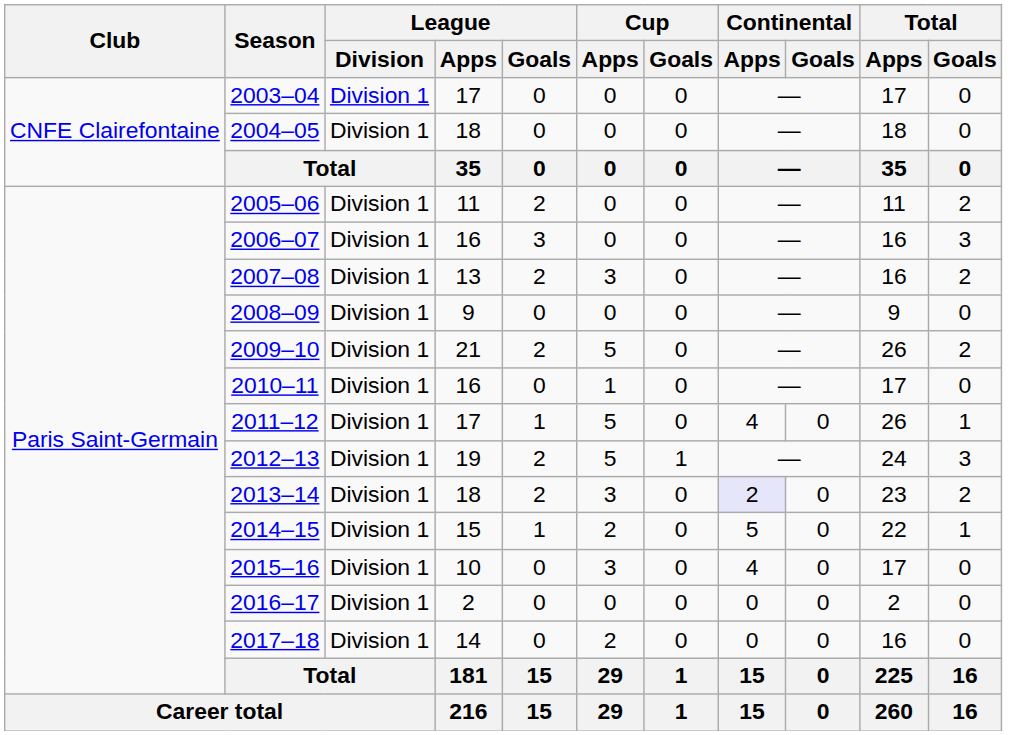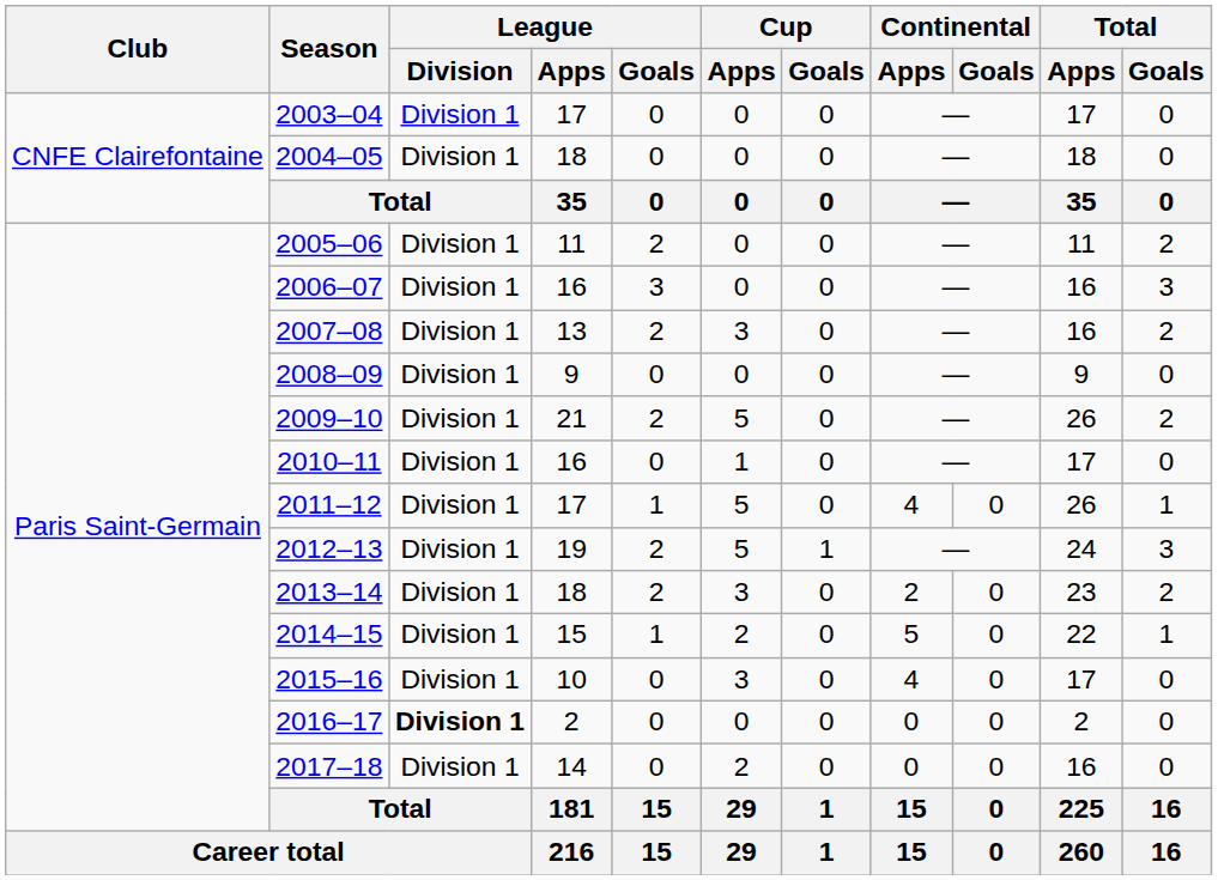 <table class="wikitable" style="text-align: center;">
 <tr>
 <th rowspan="2">Club</th>
 <th rowspan="2">Season</th>
 <th colspan="3">League</th>
 <th colspan="2">Cup</th>
 <th colspan="2">Continental</th>
 <th colspan="2">Total</th>
 </tr>
 <tr>
 <th>Division</th>
 <th>Apps</th>
 <th>Goals</th>
 <th>Apps</th>
 <th>Goals</th>
 <th>Apps</th>
 <th>Goals</th>
 <th>Apps</th>
 <th>Goals</th>
 </tr>
 <tr>
 <td rowspan="3"><a href='#'>CNFE Clairefontaine</a></td>
 <td><a href='#'>2003–04</a></td>
 <td><a href='#'>Division 1</a></td>
 <td>17</td>
 <td>0</td>
 <td>0</td>
 <td>0</td>
 <td colspan="2">—</td>
 <td>17</td>
 <td>0</td>
 </tr>
 <tr>
 <td><a href='#'>2004–05</a></td>
 <td>Division 1</td>
 <td>18</td>
 <td>0</td>
 <td>0</td>
 <td>0</td>
 <td colspan="2">—</td>
 <td>18</td>
 <td>0</td>
 </tr>
 <tr>
 <th colspan="2">Total</th>
 <th>35</th>
 <th>0</th>
 <th>0</th>
 <th>0</th>
 <th colspan="2">—</th>
 <th>35</th>
 <th>0</th>
 </tr>
 <tr>
 <td rowspan="14"><a href='#'>Paris Saint-Germain</a></td>
 <td><a href='#'>2005–06</a></td>
 <td>Division 1</td>
 <td>11</td>
 <td>2</td>
 <td>0</td>
 <td>0</td>
 <td colspan="2">—</td>
 <td>11</td>
 <td>2</td>
 </tr>
 <tr>
 <td><a href='#'>2006–07</a></td>
 <td>Division 1</td>
 <td>16</td>
 <td>3</td>
 <td>0</td>
 <td>0</td>
 <td colspan="2">—</td>
 <td>16</td>
 <td>3</td>
 </tr>
 <tr>
 <td><a href='#'>2007–08</a></td>
 <td>Division 1</td>
 <td>13</td>
 <td>2</td>
 <td>3</td>
 <td>0</td>
 <td colspan="2">—</td>
 <td>16</td>
 <td>2</td>
 </tr>
 <tr>
 <td><a href='#'>2008–09</a></td>
 <td>Division 1</td>
 <td>9</td>
 <td>0</td>
 <td>0</td>
 <td>0</td>
 <td colspan="2">—</td>
 <td>9</td>
 <td>0</td>
 </tr>
 <tr>
 <td><a href='#'>2009–10</a></td>
 <td>Division 1</td>
 <td>21</td>
 <td>2</td>
 <td>5</td>
 <td>0</td>
 <td colspan="2">—</td>
 <td>26</td>
 <td>2</td>
 </tr>
 <tr>
 <td><a href='#'>2010–11</a></td>
 <td>Division 1</td>
 <td>16</td>
 <td>0</td>
 <td>1</td>
 <td>0</td>
 <td colspan="2">—</td>
 <td>17</td>
 <td>0</td>
 </tr>
 <tr>
 <td><a href='#'>2011–12</a></td>
 <td>Division 1</td>
 <td>17</td>
 <td>1</td>
 <td>5</td>
 <td>0</td>
 <td>4</td>
 <td>0</td>
 <td>26</td>
 <td>1</td>
 </tr>
 <tr>
 <td><a href='#'>2012–13</a></td>
 <td>Division 1</td>
 <td>19</td>
 <td>2</td>
 <td>5</td>
 <td>1</td>
 <td colspan="2">—</td>
 <td>24</td>
 <td>3</td>
 </tr>
 <tr>
 <td><a href='#'>2013–14</a></td>
 <td>Division 1</td>
 <td>18</td>
 <td>2</td>
 <td>3</td>
 <td>0</td>
-<td style="background: lavender;">2</td>
+<td>2</td>
 <td>0</td>
 <td>23</td>
 <td>2</td>
 </tr>
 <tr>
 <td><a href='#'>2014–15</a></td>
 <td>Division 1</td>
 <td>15</td>
 <td>1</td>
 <td>2</td>
 <td>0</td>
 <td>5</td>
 <td>0</td>
 <td>22</td>
 <td>1</td>
 </tr>
 <tr>
 <td><a href='#'>2015–16</a></td>
 <td>Division 1</td>
 <td>10</td>
 <td>0</td>
 <td>3</td>
 <td>0</td>
 <td>4</td>
 <td>0</td>
 <td>17</td>
 <td>0</td>
 </tr>
 <tr>
 <td><a href='#'>2016–17</a></td>
-<td>Division 1</td>
+<td><strong>Division 1</strong></td>
 <td>2</td>
 <td>0</td>
 <td>0</td>
 <td>0</td>
 <td>0</td>
 <td>0</td>
 <td>2</td>
 <td 0>0</td>
 </tr>
 <tr>
 <td><a href='#'>2017–18</a></td>
 <td>Division 1</td>
 <td>14</td>
 <td>0</td>
 <td>2</td>
 <td>0</td>
 <td>0</td>
 <td>0</td>
 <td>16</td>
 <td>0</td>
 </tr>
 <tr>
 <th colspan="2">Total</th>
 <th>181</th>
 <th>15</th>
 <th>29</th>
 <th>1</th>
 <th>15</th>
 <th>0</th>
 <th>225</th>
 <th>16</th>
 </tr>
 <tr>
 <th colspan="3">Career total</th>
 <th>216</th>
 <th>15</th>
 <th>29</th>
 <th>1</th>
 <th>15</th>
 <th>0</th>
 <th>260</th>
 <th>16</th>
 </tr>
 </table>
